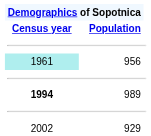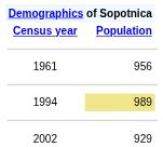 <table class="toccolours" align="Center" cellpadding="4" cellspacing="0" style="margin:0 0 1em 1em; font-size: 95%;">
 <tr>
 <th colspan=2 bgcolor="#F0F8FF" align="center"><a href='#'>Demographics</a> of <strong>Sopotnica</strong></th>
 <th></th>
 </tr>
 <tr>
 <th align="center"><a href='#'>Census year</a></th>
 <th align="right"><a href='#'>Population</a></th>
 </tr>
 <tr>
 <td colspan=3><hr></td>
 </tr>
 <tr>
-<td align="center" style="background: paleturquoise;">1961</td>
+<td align="center">1961</td>
 <td align="right">956</td>
 </tr>
 <tr>
 <td colspan=3><hr></td>
 </tr>
 <tr>
-<td align="center"><strong>1994</strong></td>
-<td align="right">989</td>
+<td align="center">1994</td>
+<td align="right" style="background: khaki;">989</td>
 </tr>
 <tr>
 <td colspan=3><hr></td>
 </tr>
 <tr>
 <td align="center">2002</td>
 <td align="right">929</td>
 </tr>
 </table>
